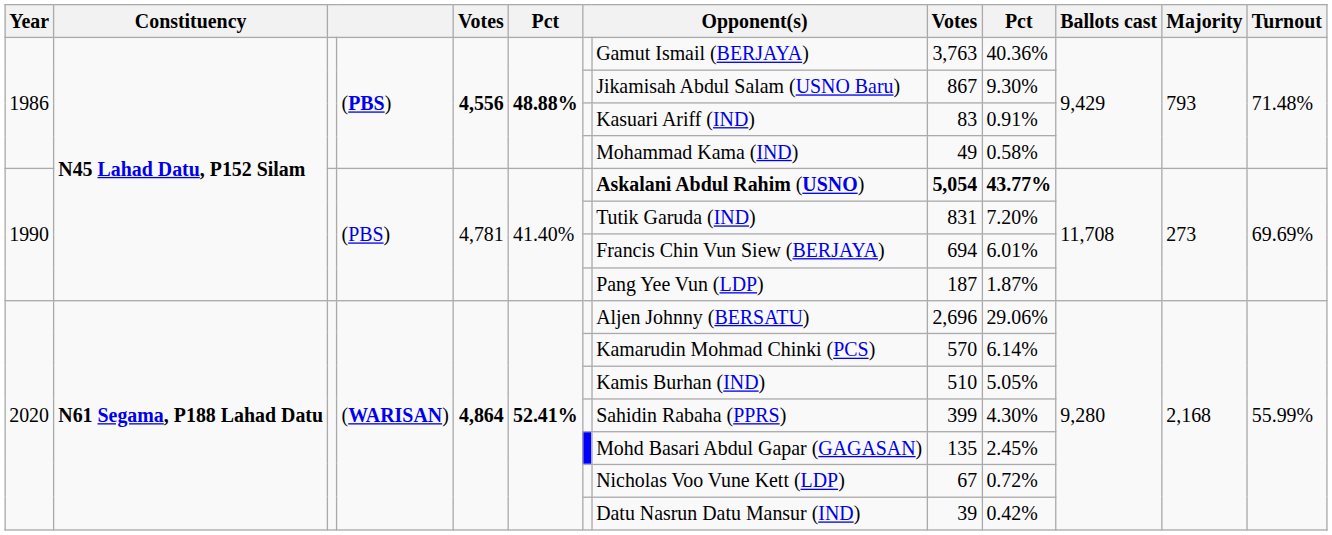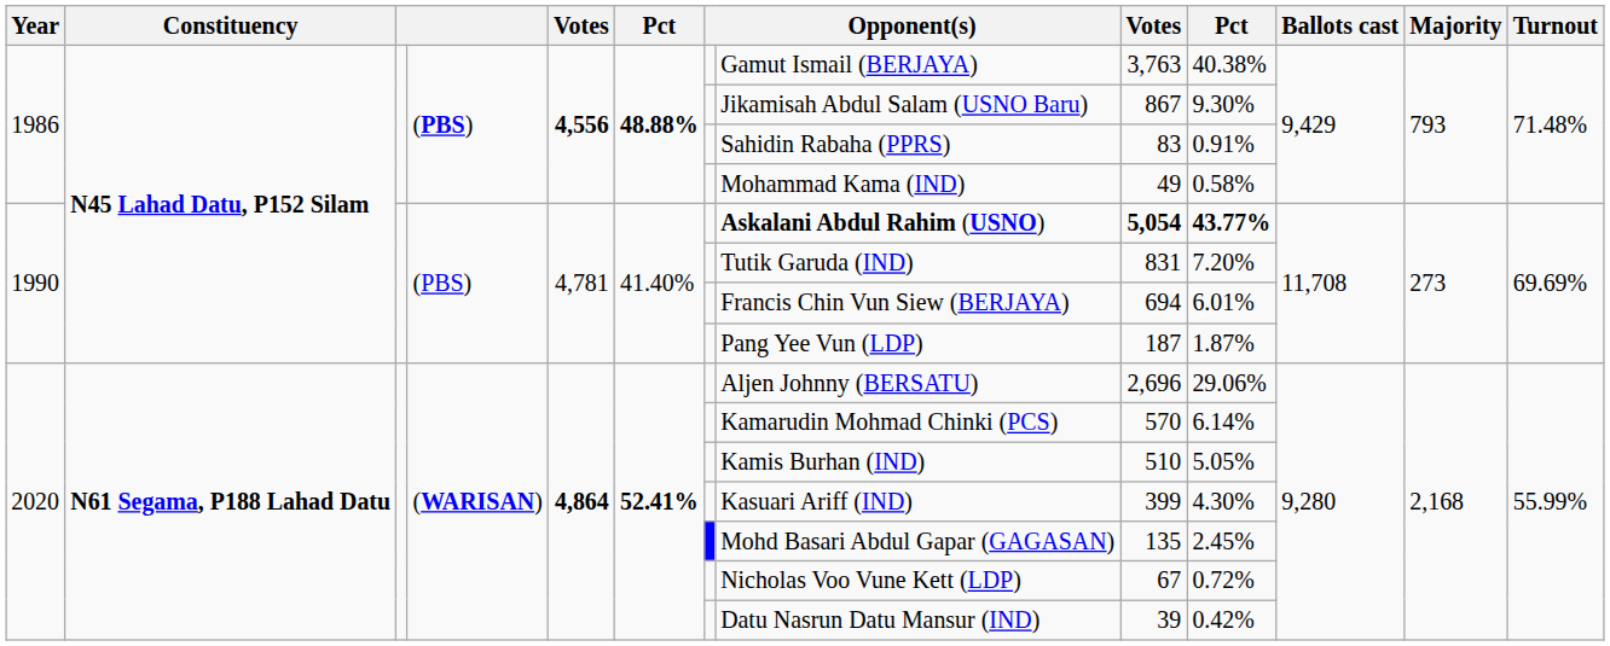 <table class="wikitable" style="margin:0.5em ; font-size:95%">
 <tr>
 <th>Year</th>
 <th>Constituency</th>
 <th colspan=2></th>
 <th>Votes</th>
 <th>Pct</th>
 <th colspan=2>Opponent(s)</th>
 <th>Votes</th>
 <th>Pct</th>
 <th>Ballots cast</th>
 <th>Majority</th>
 <th>Turnout</th>
 </tr>
 <tr>
 <td rowspan=4>1986</td>
 <td rowspan=8><strong>N45 <a href='#'>Lahad Datu</a>, P152 Silam</strong></td>
 <td rowspan=4 ></td>
 <td rowspan=4> (<a href='#'><strong>PBS</strong></a>)</td>
 <td rowspan=4 align="right"><strong>4,556</strong></td>
 <td rowspan=4><strong>48.88%</strong></td>
 <td></td>
 <td>Gamut Ismail (<a href='#'>BERJAYA</a>)</td>
 <td align="right">3,763</td>
-<td>40.36%</td>
+<td>40.38%</td>
 <td rowspan=4>9,429</td>
 <td rowspan=4>793</td>
 <td rowspan=4>71.48%</td>
 </tr>
 <tr>
 <td></td>
 <td>Jikamisah Abdul Salam (<a href='#'>USNO Baru</a>)</td>
 <td align="right">867</td>
 <td>9.30%</td>
 </tr>
 <tr>
 <td></td>
-<td>Kasuari Ariff (<a href='#'>IND</a>)</td>
+<td>Sahidin Rabaha (<a href='#'>PPRS</a>)</td>
 <td align="right">83</td>
 <td>0.91%</td>
 </tr>
 <tr>
 <td></td>
 <td>Mohammad Kama (<a href='#'>IND</a>)</td>
 <td align="right">49</td>
 <td>0.58%</td>
 </tr>
 <tr>
 <td rowspan=4>1990</td>
 <td rowspan=4 ></td>
 <td rowspan=4> (<a href='#'>PBS</a>)</td>
 <td rowspan=4 align="right">4,781</td>
 <td rowspan=4>41.40%</td>
 <td></td>
 <td><strong>Askalani Abdul Rahim</strong> (<strong><a href='#'>USNO</a></strong>)</td>
 <td align="right"><strong>5,054</strong></td>
 <td><strong>43.77%</strong></td>
 <td rowspan=4>11,708</td>
 <td rowspan=4>273</td>
 <td rowspan=4>69.69%</td>
 </tr>
 <tr>
 <td></td>
 <td>Tutik Garuda (<a href='#'>IND</a>)</td>
 <td align="right">831</td>
 <td>7.20%</td>
 </tr>
 <tr>
 <td></td>
 <td>Francis Chin Vun Siew (<a href='#'>BERJAYA</a>)</td>
 <td align="right">694</td>
 <td>6.01%</td>
 </tr>
 <tr>
 <td></td>
 <td>Pang Yee Vun (<a href='#'>LDP</a>)</td>
 <td align="right">187</td>
 <td>1.87%</td>
 </tr>
 <tr>
 <td rowspan=7>2020</td>
 <td rowspan=7><strong>N61 <a href='#'>Segama</a>, P188 Lahad Datu</strong></td>
 <td rowspan=7 ></td>
 <td rowspan=7> (<a href='#'><strong>WARISAN</strong></a>)</td>
 <td rowspan=7 align="right"><strong>4,864</strong></td>
 <td rowspan=7><strong>52.41%</strong></td>
 <td></td>
 <td>Aljen Johnny (<a href='#'>BERSATU</a>)</td>
 <td align="right">2,696</td>
 <td>29.06%</td>
 <td rowspan=7>9,280</td>
 <td rowspan=7>2,168</td>
 <td rowspan=7>55.99%</td>
 </tr>
 <tr>
 <td></td>
 <td>Kamarudin Mohmad Chinki (<a href='#'>PCS</a>)</td>
 <td align="right">570</td>
 <td>6.14%</td>
 </tr>
 <tr>
 <td></td>
 <td>Kamis Burhan (<a href='#'>IND</a>)</td>
 <td align="right">510</td>
 <td>5.05%</td>
 </tr>
 <tr>
 <td></td>
-<td>Sahidin Rabaha (<a href='#'>PPRS</a>)</td>
+<td>Kasuari Ariff (<a href='#'>IND</a>)</td>
 <td align="right">399</td>
 <td>4.30%</td>
 </tr>
 <tr>
 <td bgcolor=blue></td>
 <td>Mohd Basari Abdul Gapar (<a href='#'>GAGASAN</a>)</td>
 <td align="right">135</td>
 <td>2.45%</td>
 </tr>
 <tr>
 <td></td>
 <td>Nicholas Voo Vune Kett (<a href='#'>LDP</a>)</td>
 <td align="right">67</td>
 <td>0.72%</td>
 </tr>
 <tr>
 <td></td>
 <td>Datu Nasrun Datu Mansur (<a href='#'>IND</a>)</td>
 <td align="right">39</td>
 <td>0.42%</td>
 </tr>
 </table>
